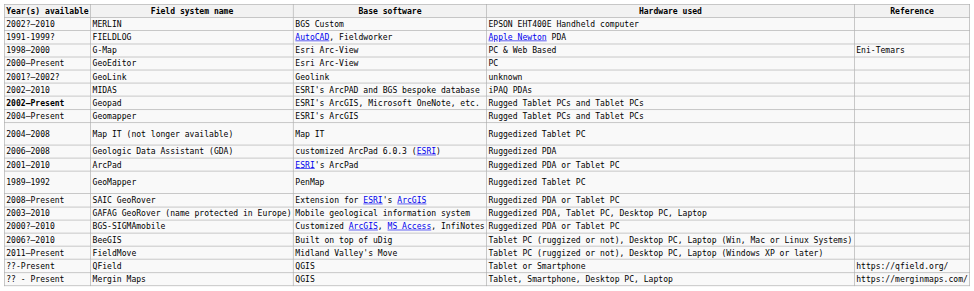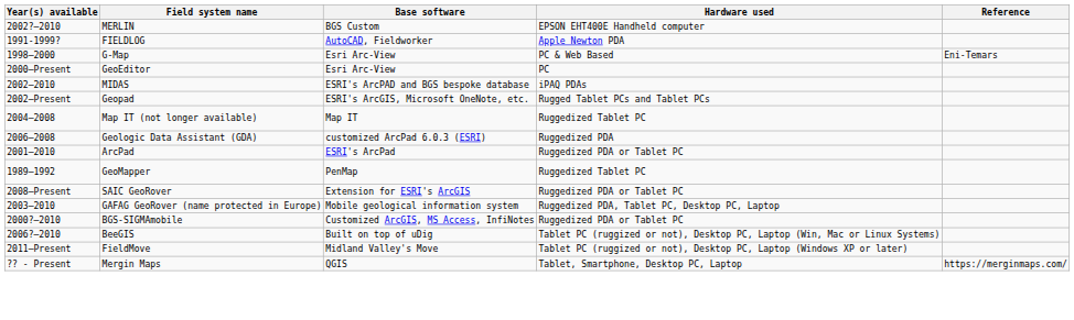 <table class="wikitable">
 <tr>
 <th>Year(s) available</th>
 <th>Field system name</th>
 <th>Base software</th>
 <th>Hardware used</th>
 <th>Reference</th>
 </tr>
 <tr>
 <td>2002?–2010</td>
 <td>MERLIN</td>
 <td>BGS Custom</td>
 <td>EPSON EHT400E Handheld computer</td>
 </tr>
 <tr>
 <td>1991-1999?</td>
 <td>FIELDLOG</td>
 <td><a href='#'>AutoCAD</a>, Fieldworker</td>
 <td><a href='#'>Apple Newton</a> PDA</td>
 <td><br></td>
 </tr>
 <tr>
 <td>1998–2000</td>
 <td>G-Map</td>
 <td>Esri Arc-View</td>
 <td>PC & Web Based</td>
 <td>Eni-Temars</td>
 </tr>
 <tr>
 <td>2000–Present</td>
 <td>GeoEditor</td>
 <td>Esri Arc-View</td>
 <td>PC</td>
 <td></td>
 </tr>
 <tr>
-<td>2001?–2002?</td>
-<td>GeoLink</td>
-<td>Geolink</td>
-<td>unknown</td>
-<td></td>
-</tr>
-<tr>
 <td>2002–2010</td>
 <td>MIDAS</td>
 <td>ESRI's ArcPAD and BGS bespoke database</td>
 <td>iPAQ PDAs</td>
 <td></td>
 </tr>
 <tr>
-<td><strong>2002–Present</strong></td>
+<td>2002–Present</td>
 <td>Geopad</td>
 <td>ESRI's ArcGIS, Microsoft OneNote, etc.</td>
-<td>Rugged Tablet PCs and Tablet PCs</td>
-<td></td>
-</tr>
-<tr>
-<td>2004–Present</td>
-<td>Geomapper</td>
-<td>ESRI's ArcGIS</td>
 <td>Rugged Tablet PCs and Tablet PCs</td>
 <td></td>
 </tr>
 <tr>
 <td>2004–2008</td>
 <td>Map IT (not longer available)</td>
 <td>Map IT</td>
 <td>Ruggedized Tablet PC</td>
 <td><br> <br></td>
 </tr>
 <tr>
 <td>2006–2008</td>
 <td>Geologic Data Assistant (GDA)</td>
 <td>customized ArcPad 6.0.3 (<a href='#'>ESRI</a>)</td>
 <td>Ruggedized PDA</td>
 <td></td>
 </tr>
 <tr>
 <td>2001–2010</td>
 <td>ArcPad</td>
 <td><a href='#'>ESRI</a>'s ArcPad</td>
 <td>Ruggedized PDA or Tablet PC</td>
 <td></td>
 </tr>
 <tr>
 <td>1989–1992</td>
 <td>GeoMapper</td>
 <td>PenMap </td>
 <td>Ruggedized Tablet PC</td>
 <td><br><br></td>
 </tr>
 <tr>
 <td>2008–Present</td>
 <td>SAIC GeoRover</td>
 <td>Extension for <a href='#'>ESRI</a>'s <a href='#'>ArcGIS</a></td>
 <td>Ruggedized PDA or Tablet PC</td>
 <td></td>
 </tr>
 <tr>
 <td>2003–2010</td>
 <td>GAFAG GeoRover (name protected in Europe)</td>
 <td>Mobile geological information system</td>
 <td>Ruggedized PDA, Tablet PC, Desktop PC, Laptop</td>
 <td></td>
 </tr>
 <tr>
 <td>2000?–2010</td>
 <td>BGS-SIGMAmobile </td>
 <td>Customized <a href='#'>ArcGIS</a>, <a href='#'>MS Access</a>, InfiNotes</td>
 <td>Ruggedized PDA or Tablet PC</td>
 <td><br></td>
 </tr>
 <tr>
 <td>2006?–2010</td>
 <td>BeeGIS</td>
 <td>Built on top of uDig </td>
 <td>Tablet PC (ruggized or not), Desktop PC, Laptop (Win, Mac or Linux Systems)</td>
 <td><br></td>
 </tr>
 <tr>
 <td>2011–Present</td>
 <td>FieldMove </td>
 <td>Midland Valley's Move</td>
 <td>Tablet PC (ruggized or not), Desktop PC, Laptop (Windows XP or later)</td>
 <td><br></td>
 </tr>
 <tr>
-<td>??-Present</td>
-<td>QField</td>
-<td>QGIS</td>
-<td>Tablet or Smartphone</td>
-<td>https://qfield.org/</td>
-</tr>
-<tr>
 <td>?? - Present</td>
 <td>Mergin Maps</td>
 <td>QGIS</td>
 <td>Tablet, Smartphone, Desktop PC, Laptop</td>
 <td>https://merginmaps.com/</td>
 </tr>
 </table>
